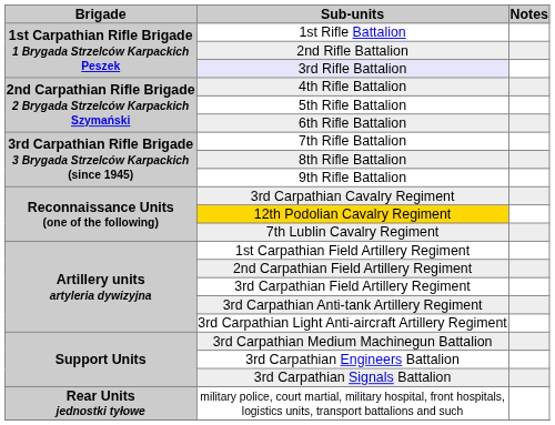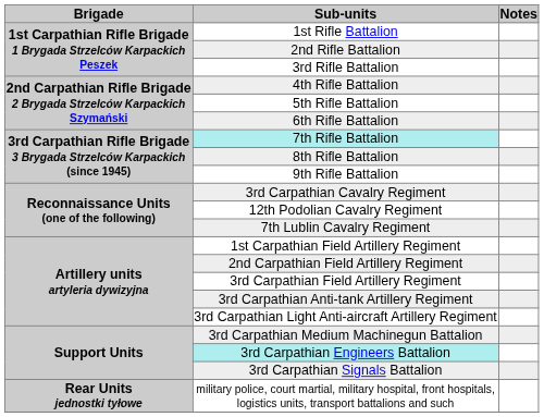 <table border="1" cellpadding="1" cellspacing="0" style="font-size: 85%; border: gray solid 1px; border-collapse: collapse; text-align: center;">
 <tr>
 <th ROWSPAN=1 style="background:#ccc;"><strong>Brigade</strong></th>
 <td style="background:#ccc;"><strong>Sub-units</strong></td>
 <td style="background:#ccc;"><strong>Notes</strong></td>
 </tr>
 <tr>
 <th ROWSPAN=3 style="background:#ccc;" style="border-top:1px solid gray;" style="border-bottom:1px solid gray;">1st Carpathian Rifle Brigade<br><small><em>1 Brygada Strzelców Karpackich</em></small><br><small><a href='#'>Peszek</a></small></th>
 <td>1st Rifle <a href='#'>Battalion</a></td>
 <td></td>
 </tr>
 <tr style="background:#eee;">
 <td>2nd Rifle Battalion</td>
 <td></td>
 </tr>
 <tr>
-<td style="background: lavender;">3rd Rifle Battalion</td>
+<td>3rd Rifle Battalion</td>
 <td></td>
 </tr>
 <tr style="background:#eee;">
 <th ROWSPAN=3 style="background:#ccc;" style="border-bottom:1px solid gray;">2nd Carpathian Rifle Brigade<br><small><em>2 Brygada Strzelców Karpackich</em></small><br><small><a href='#'>Szymański</a></small></th>
 <td>4th Rifle Battalion</td>
 <td></td>
 </tr>
 <tr>
 <td>5th Rifle Battalion</td>
 <td></td>
 </tr>
 <tr style="background:#eee;">
 <td>6th Rifle Battalion</td>
 <td></td>
 </tr>
 <tr>
 <th ROWSPAN=3 style="background:#ccc;" style="border-bottom:1px solid gray;">3rd Carpathian Rifle Brigade<br><small><em>3 Brygada Strzelców Karpackich</em></small><br><small>(since 1945)</small></th>
-<td>7th Rifle Battalion</td>
+<td style="background: paleturquoise;">7th Rifle Battalion</td>
 <td></td>
 </tr>
 <tr style="background:#eee;">
 <td>8th Rifle Battalion</td>
 <td></td>
 </tr>
 <tr>
 <td>9th Rifle Battalion</td>
 <td></td>
 </tr>
 <tr style="background:#eee;">
 <th ROWSPAN=3 style="background:#ccc;" style="border-bottom:1px solid gray;">Reconnaissance Units<br><small>(one of the following)</small></th>
 <td>3rd Carpathian Cavalry Regiment</td>
 <td></td>
 </tr>
 <tr>
-<td style="background: gold;">12th Podolian Cavalry Regiment</td>
+<td>12th Podolian Cavalry Regiment</td>
 <td></td>
 </tr>
 <tr style="background:#eee;">
 <td>7th Lublin Cavalry Regiment</td>
 <td></td>
 </tr>
 <tr>
 <th ROWSPAN=5 style="background:#ccc;" style="border-bottom:1px solid gray;">Artillery units<br><small><em>artyleria dywizyjna</em></small><br></th>
 <td>1st Carpathian Field Artillery Regiment</td>
 <td></td>
 </tr>
 <tr style="background:#eee;">
 <td>2nd Carpathian Field Artillery Regiment</td>
 <td></td>
 </tr>
 <tr>
 <td>3rd Carpathian Field Artillery Regiment</td>
 <td></td>
 </tr>
 <tr style="background:#eee;">
 <td>3rd Carpathian Anti-tank Artillery Regiment</td>
 <td></td>
 </tr>
 <tr>
 <td>3rd Carpathian Light Anti-aircraft Artillery Regiment</td>
 <td></td>
 </tr>
 <tr style="background:#eee;">
 <th ROWSPAN=3 style="background:#ccc;" style="border-bottom:1px solid gray;">Support Units<br><small></small></th>
 <td>3rd Carpathian Medium Machinegun Battalion</td>
 <td></td>
 </tr>
 <tr>
-<td>3rd Carpathian <a href='#'>Engineers</a> Battalion</td>
+<td style="background: paleturquoise;">3rd Carpathian <a href='#'>Engineers</a> Battalion</td>
 <td></td>
 </tr>
 <tr style="background:#eee;">
 <td>3rd Carpathian <a href='#'>Signals</a> Battalion</td>
 <td></td>
 </tr>
 <tr>
 <th ROWSPAN=1 style="background:#ccc;" style="border-bottom:1px solid gray;">Rear Units<br><small><em>jednostki tyłowe</em></small></th>
 <td><small>military police, court martial, military hospital, front hospitals, <br>logistics units, transport battalions and such</small></td>
 <td></td>
 </tr>
 <tr style="background:#eee;">
 </tr>
 </table>
